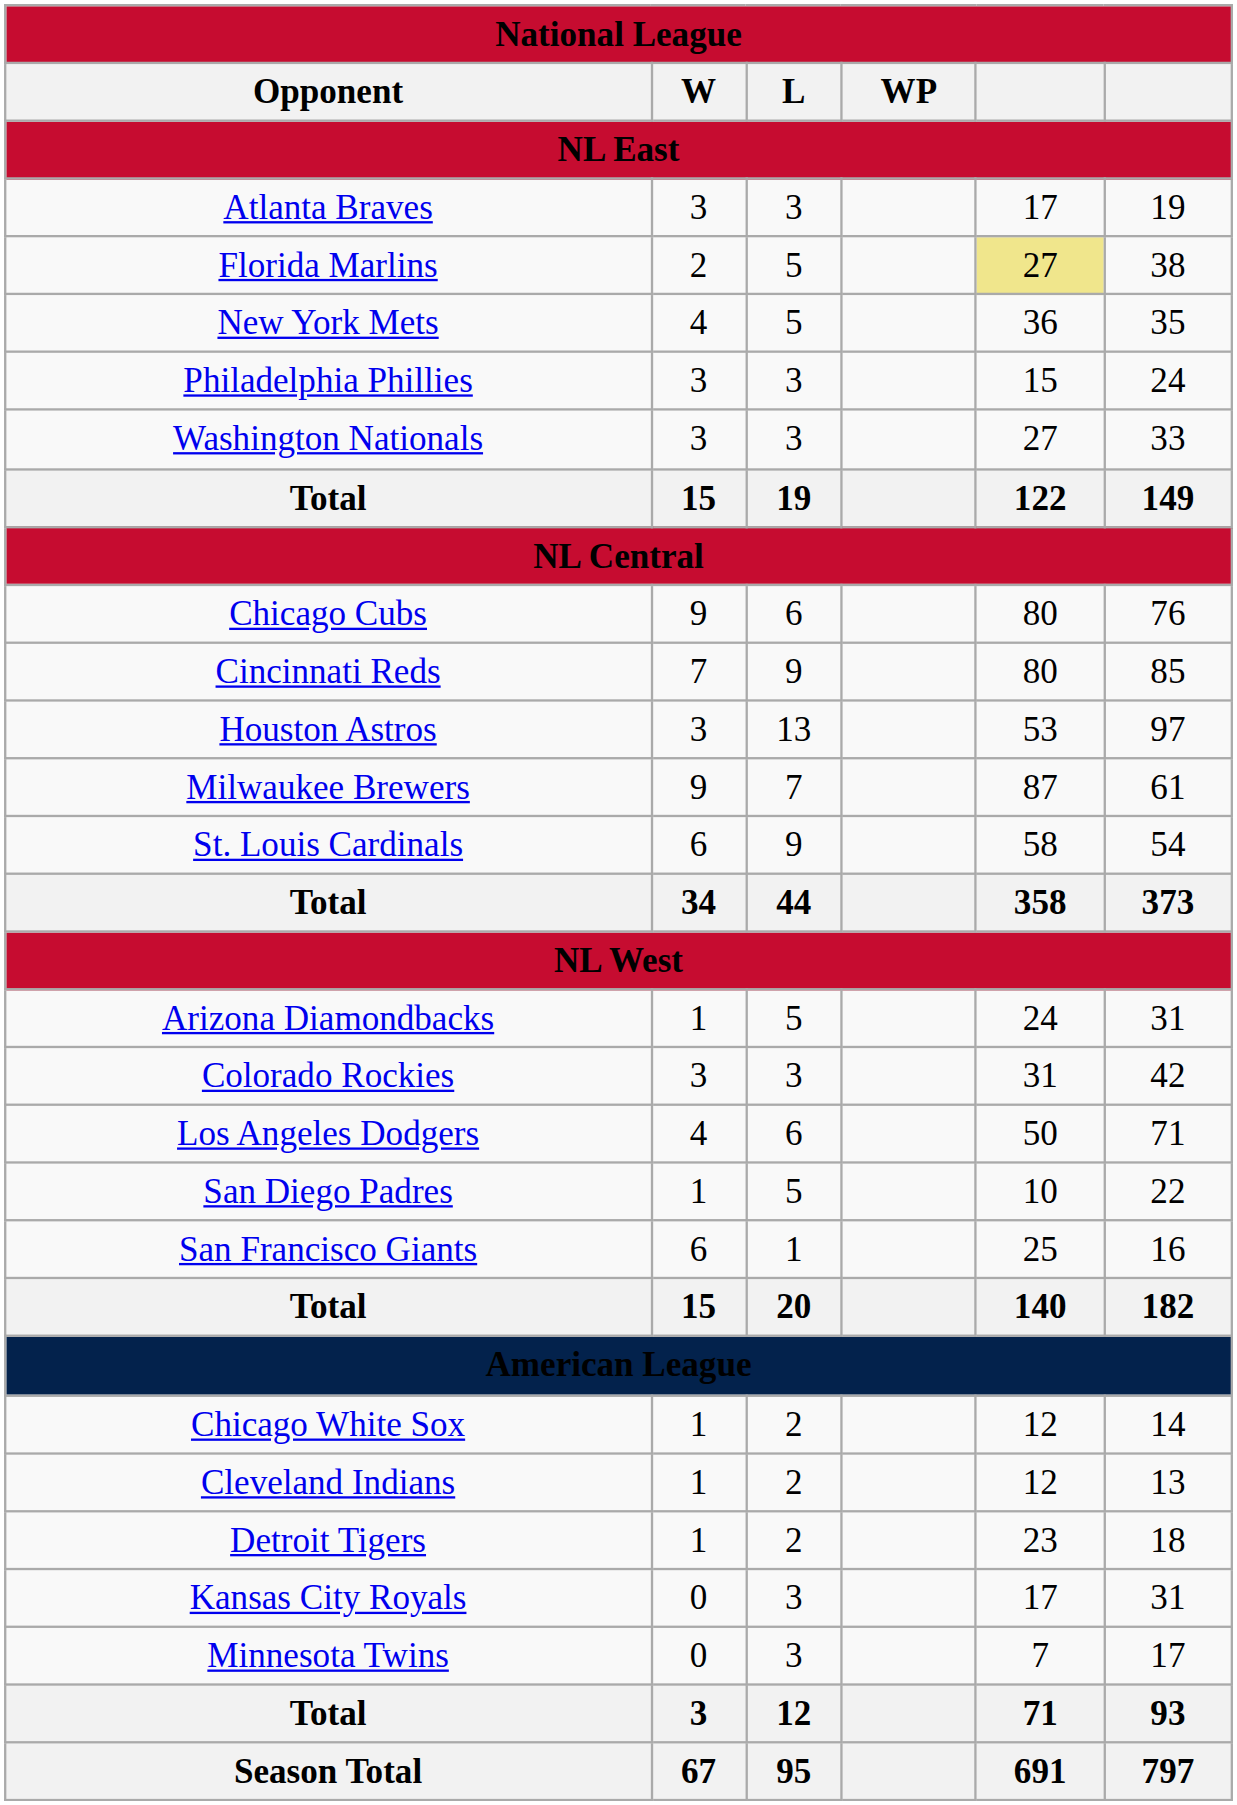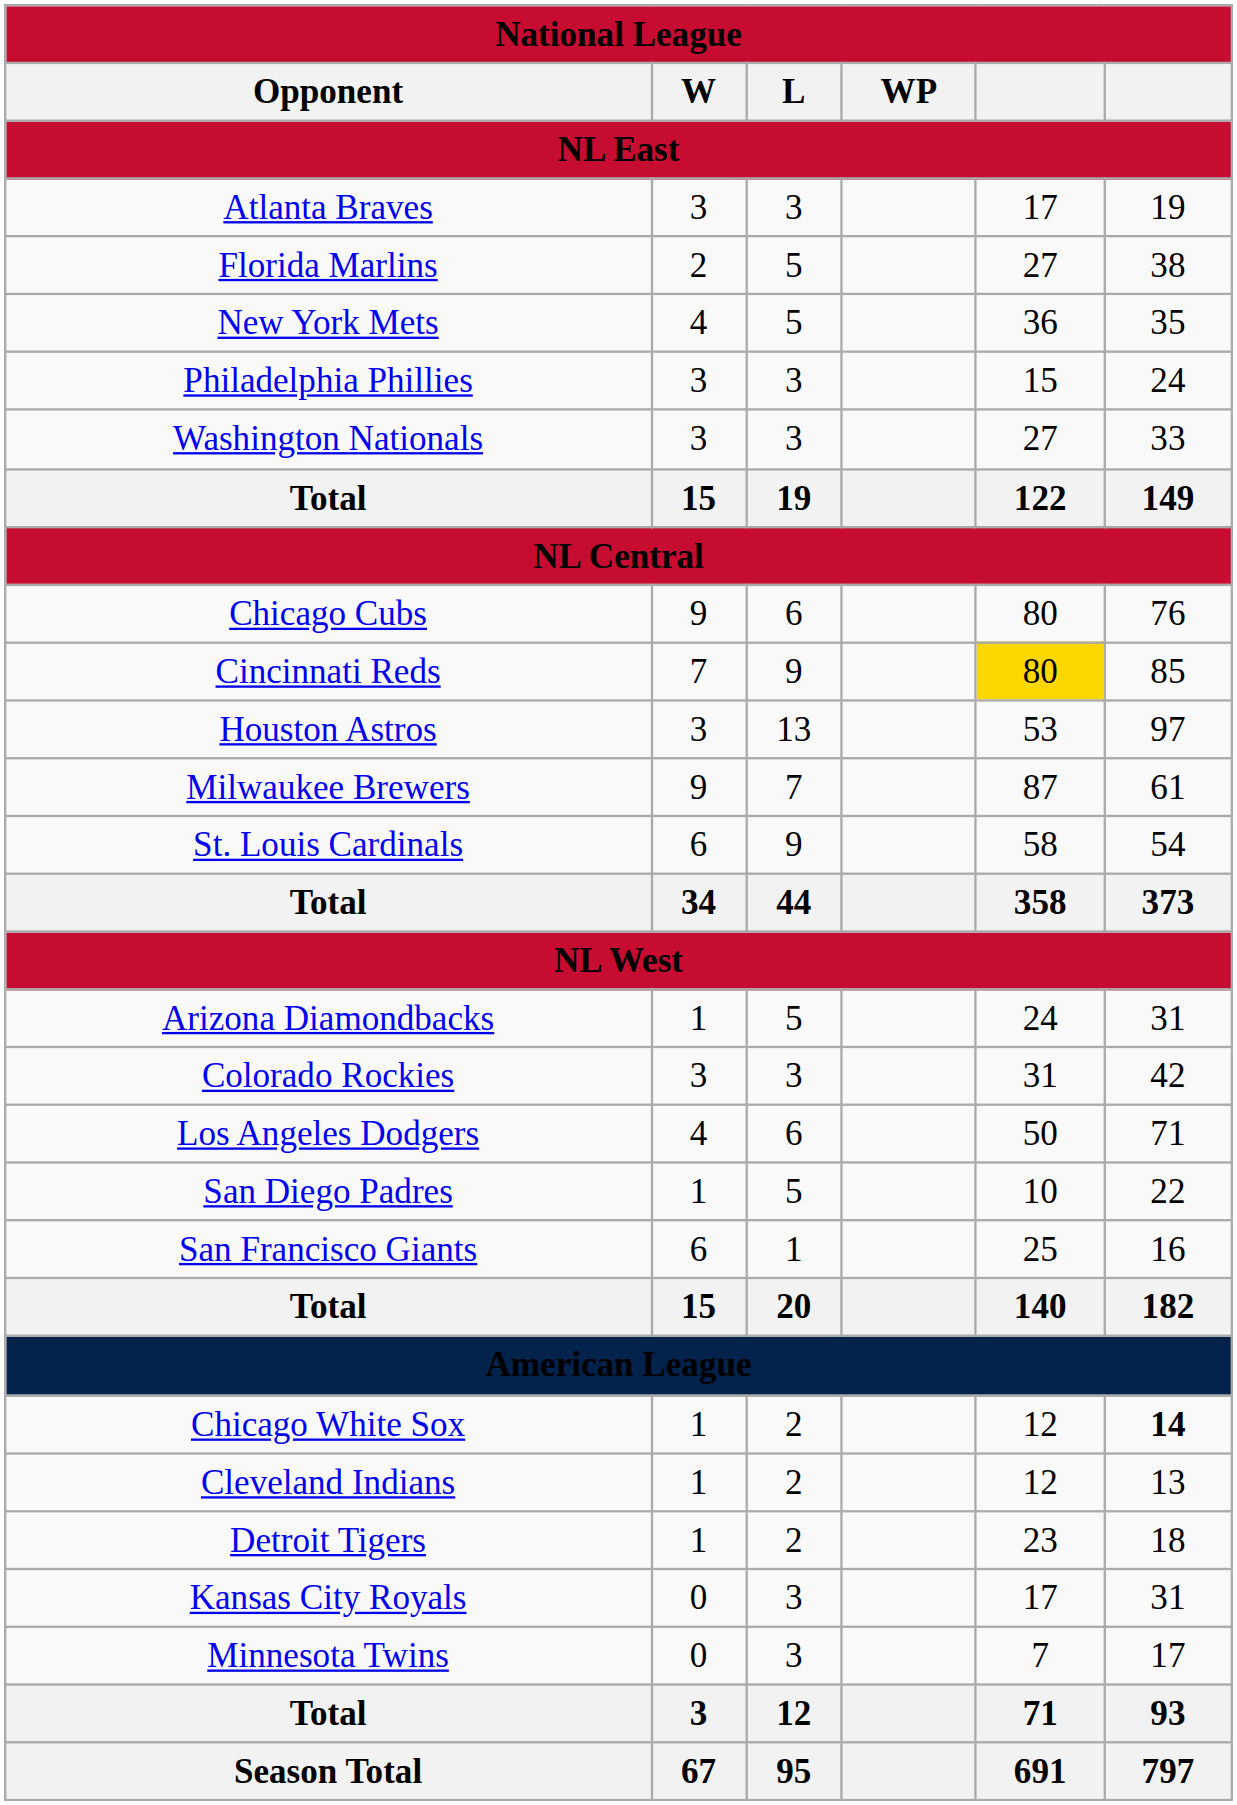 <table class="wikitable" style="font-size:95%; text-align:center; width:35em; margin:1em auto;">
 <tr>
 <td colspan="7" style="background:#c60c30"><span> <strong>National League</strong> </span></td>
 </tr>
 <tr>
 <th>Opponent</th>
 <th>W</th>
 <th>L</th>
 <th>WP</th>
 <th></th>
 <th></th>
 </tr>
 <tr>
 <td colspan="7" style="background:#c60c30"><span> <strong>NL East</strong> </span></td>
 </tr>
 <tr>
 <td><a href='#'>Atlanta Braves</a></td>
 <td>3</td>
 <td>3</td>
 <td></td>
 <td>17</td>
 <td>19</td>
 </tr>
 <tr>
 <td><a href='#'>Florida Marlins</a></td>
 <td>2</td>
 <td>5</td>
 <td></td>
-<td style="background: khaki;">27</td>
+<td>27</td>
 <td>38</td>
 </tr>
 <tr>
 <td><a href='#'>New York Mets</a></td>
 <td>4</td>
 <td>5</td>
 <td></td>
 <td>36</td>
 <td>35</td>
 </tr>
 <tr>
 <td><a href='#'>Philadelphia Phillies</a></td>
 <td>3</td>
 <td>3</td>
 <td></td>
 <td>15</td>
 <td>24</td>
 </tr>
 <tr>
 <td><a href='#'>Washington Nationals</a></td>
 <td>3</td>
 <td>3</td>
 <td></td>
 <td>27</td>
 <td>33</td>
 </tr>
 <tr>
 <th>Total</th>
 <th>15</th>
 <th>19</th>
 <th></th>
 <th>122</th>
 <th>149</th>
 </tr>
 <tr>
 <td colspan="7" style="background:#c60c30"><span> <strong>NL Central</strong> </span></td>
 </tr>
 <tr>
 <td><a href='#'>Chicago Cubs</a></td>
 <td>9</td>
 <td>6</td>
 <td></td>
 <td>80</td>
 <td>76</td>
 </tr>
 <tr>
 <td><a href='#'>Cincinnati Reds</a></td>
 <td>7</td>
 <td>9</td>
 <td></td>
-<td>80</td>
+<td style="background: gold;">80</td>
 <td>85</td>
 </tr>
 <tr>
 <td><a href='#'>Houston Astros</a></td>
 <td>3</td>
 <td>13</td>
 <td></td>
 <td>53</td>
 <td>97</td>
 </tr>
 <tr>
 <td><a href='#'>Milwaukee Brewers</a></td>
 <td>9</td>
 <td>7</td>
 <td></td>
 <td>87</td>
 <td>61</td>
 </tr>
 <tr>
 <td><a href='#'>St. Louis Cardinals</a></td>
 <td>6</td>
 <td>9</td>
 <td></td>
 <td>58</td>
 <td>54</td>
 </tr>
 <tr>
 <th>Total</th>
 <th>34</th>
 <th>44</th>
 <th></th>
 <th>358</th>
 <th>373</th>
 </tr>
 <tr>
 <td colspan="7" style="background:#c60c30"><span> <strong>NL West</strong> </span></td>
 </tr>
 <tr>
 <td><a href='#'>Arizona Diamondbacks</a></td>
 <td>1</td>
 <td>5</td>
 <td></td>
 <td>24</td>
 <td>31</td>
 </tr>
 <tr>
 <td><a href='#'>Colorado Rockies</a></td>
 <td>3</td>
 <td>3</td>
 <td></td>
 <td>31</td>
 <td>42</td>
 </tr>
 <tr>
 <td><a href='#'>Los Angeles Dodgers</a></td>
 <td>4</td>
 <td>6</td>
 <td></td>
 <td>50</td>
 <td>71</td>
 </tr>
 <tr>
 <td><a href='#'>San Diego Padres</a></td>
 <td>1</td>
 <td>5</td>
 <td></td>
 <td>10</td>
 <td>22</td>
 </tr>
 <tr>
 <td><a href='#'>San Francisco Giants</a></td>
 <td>6</td>
 <td>1</td>
 <td></td>
 <td>25</td>
 <td>16</td>
 </tr>
 <tr>
 <th>Total</th>
 <th>15</th>
 <th>20</th>
 <th></th>
 <th>140</th>
 <th>182</th>
 </tr>
 <tr>
 <td colspan="7" style="background:#03224c"><span> <strong>American League</strong> </span></td>
 </tr>
 <tr>
 <td><a href='#'>Chicago White Sox</a></td>
 <td>1</td>
 <td>2</td>
 <td></td>
 <td>12</td>
-<td>14</td>
+<td><strong>14</strong></td>
 </tr>
 <tr>
 <td><a href='#'>Cleveland Indians</a></td>
 <td>1</td>
 <td>2</td>
 <td></td>
 <td>12</td>
 <td>13</td>
 </tr>
 <tr>
 <td><a href='#'>Detroit Tigers</a></td>
 <td>1</td>
 <td>2</td>
 <td></td>
 <td>23</td>
 <td>18</td>
 </tr>
 <tr>
 <td><a href='#'>Kansas City Royals</a></td>
 <td>0</td>
 <td>3</td>
 <td></td>
 <td>17</td>
 <td>31</td>
 </tr>
 <tr>
 <td><a href='#'>Minnesota Twins</a></td>
 <td>0</td>
 <td>3</td>
 <td></td>
 <td>7</td>
 <td>17</td>
 </tr>
 <tr>
 <th>Total</th>
 <th>3</th>
 <th>12</th>
 <th></th>
 <th>71</th>
 <th>93</th>
 </tr>
 <tr>
 <th>Season Total</th>
 <th>67</th>
 <th>95</th>
 <th></th>
 <th>691</th>
 <th>797</th>
 </tr>
 </table>
